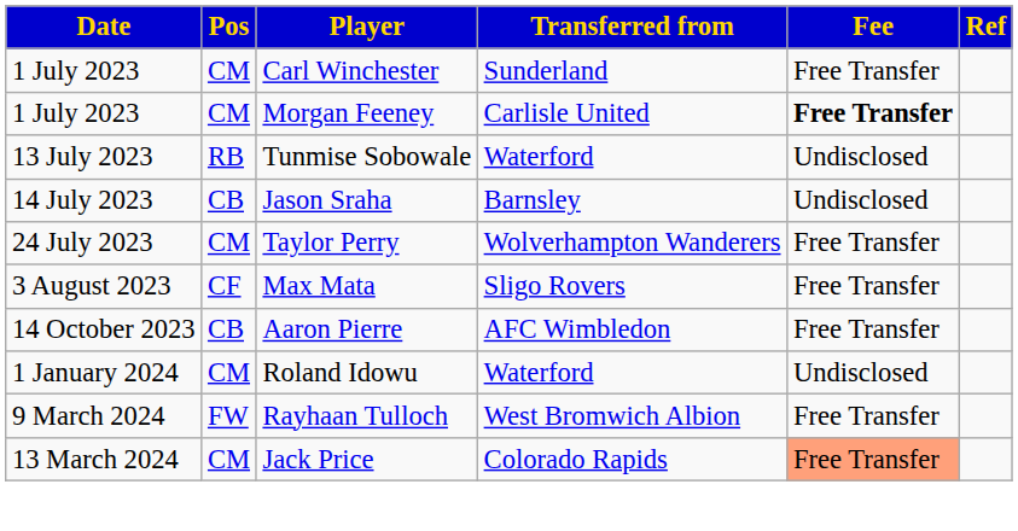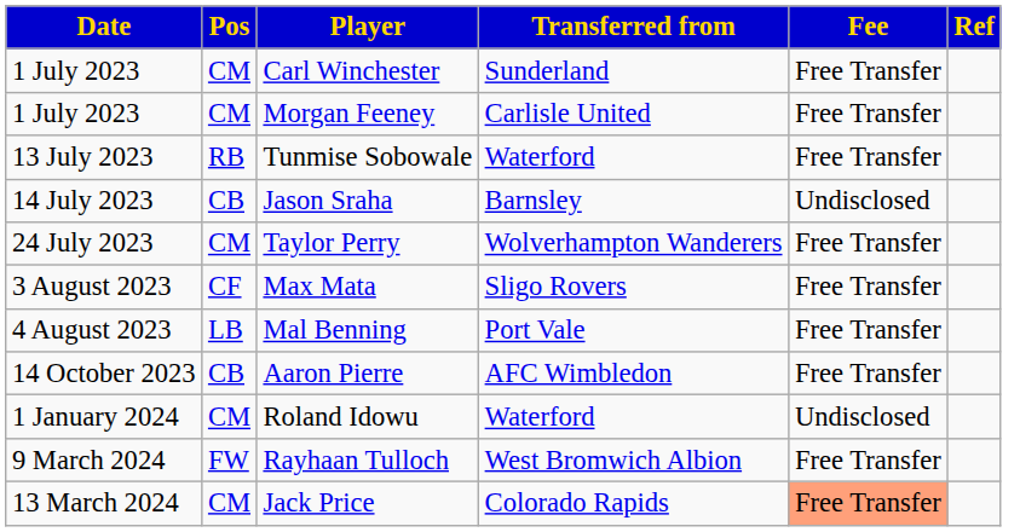 <table class="wikitable plainrowheaders sortable">
 <tr>
 <th style="background:mediumblue;color:gold;">Date</th>
 <th style="background:mediumblue;color:gold;">Pos</th>
 <th style="background:mediumblue;color:gold;">Player</th>
 <th style="background:mediumblue;color:gold;">Transferred from</th>
 <th style="background:mediumblue;color:gold;">Fee</th>
 <th style="background:mediumblue;color:gold;">Ref</th>
 </tr>
 <tr>
 <td>1 July 2023</td>
 <td><a href='#'>CM</a></td>
 <td> <a href='#'>Carl Winchester</a></td>
 <td> <a href='#'>Sunderland</a></td>
 <td>Free Transfer</td>
 <td></td>
 </tr>
 <tr>
 <td>1 July 2023</td>
 <td><a href='#'>CM</a></td>
 <td> <a href='#'>Morgan Feeney</a></td>
 <td> <a href='#'>Carlisle United</a></td>
-<td><strong>Free Transfer</strong></td>
+<td>Free Transfer</td>
 <td></td>
 </tr>
 <tr>
 <td>13 July 2023</td>
 <td><a href='#'>RB</a></td>
 <td> Tunmise Sobowale</td>
 <td> <a href='#'>Waterford</a></td>
-<td>Undisclosed</td>
+<td>Free Transfer</td>
 <td></td>
 </tr>
 <tr>
 <td>14 July 2023</td>
 <td><a href='#'>CB</a></td>
 <td> <a href='#'>Jason Sraha</a></td>
 <td> <a href='#'>Barnsley</a></td>
 <td>Undisclosed</td>
 <td></td>
 </tr>
 <tr>
 <td>24 July 2023</td>
 <td><a href='#'>CM</a></td>
 <td> <a href='#'>Taylor Perry</a></td>
 <td> <a href='#'>Wolverhampton Wanderers</a></td>
 <td>Free Transfer</td>
 <td></td>
 </tr>
 <tr>
 <td>3 August 2023</td>
 <td><a href='#'>CF</a></td>
 <td> <a href='#'>Max Mata</a></td>
 <td> <a href='#'>Sligo Rovers</a></td>
+<td>Free Transfer</td>
+<td></td>
+</tr>
+<tr>
+<td>4 August 2023</td>
+<td><a href='#'>LB</a></td>
+<td> <a href='#'>Mal Benning</a></td>
+<td> <a href='#'>Port Vale</a></td>
 <td>Free Transfer</td>
 <td></td>
 </tr>
 <tr>
 <td>14 October 2023</td>
 <td><a href='#'>CB</a></td>
 <td> <a href='#'>Aaron Pierre</a></td>
 <td> <a href='#'>AFC Wimbledon</a></td>
 <td>Free Transfer</td>
 <td></td>
 </tr>
 <tr>
 <td>1 January 2024</td>
 <td><a href='#'>CM</a></td>
 <td> Roland Idowu</td>
 <td> <a href='#'>Waterford</a></td>
 <td>Undisclosed</td>
 <td></td>
 </tr>
 <tr>
 <td>9 March 2024</td>
 <td><a href='#'>FW</a></td>
 <td> <a href='#'>Rayhaan Tulloch</a></td>
 <td> <a href='#'>West Bromwich Albion</a></td>
 <td>Free Transfer</td>
 <td></td>
 </tr>
 <tr>
 <td>13 March 2024</td>
 <td><a href='#'>CM</a></td>
 <td> <a href='#'>Jack Price</a></td>
 <td> <a href='#'>Colorado Rapids</a></td>
 <td style="background: lightsalmon;">Free Transfer</td>
 <td></td>
 </tr>
 </table>
